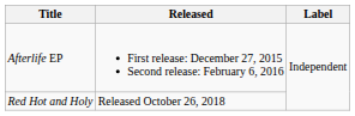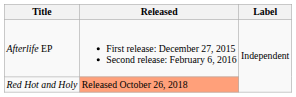 <table class="wikitable">
 <tr>
 <th>Title</th>
 <th>Released</th>
 <th>Label</th>
 </tr>
 <tr>
 <td><em>Afterlife</em> EP</td>
 <td><br><ul><li>First release: December 27, 2015</li><li>Second release: February 6, 2016</li></ul></td>
 <td rowspan="2">Independent</td>
 </tr>
 <tr>
 <td><em>Red Hot and Holy</em></td>
-<td>Released October 26, 2018</td>
+<td style="background: lightsalmon;">Released October 26, 2018</td>
 </tr>
 </table>
